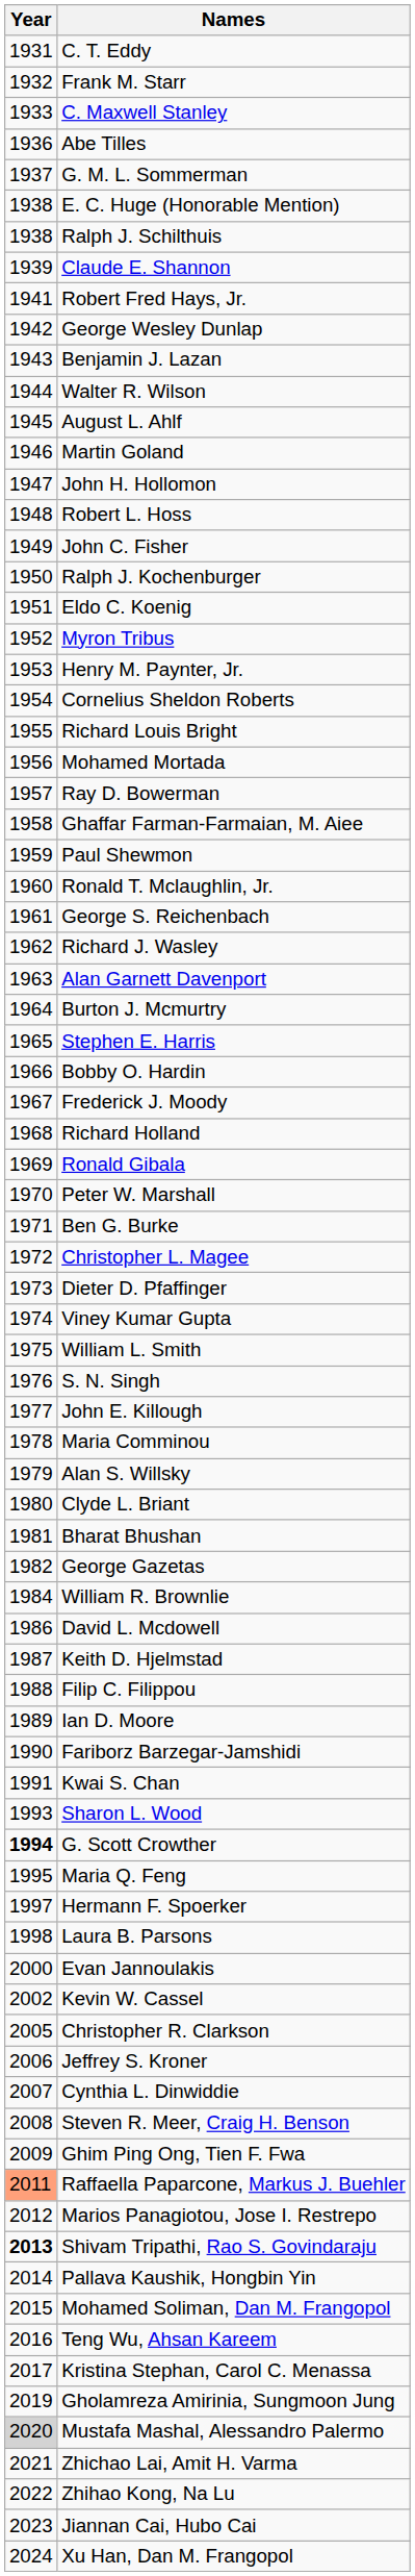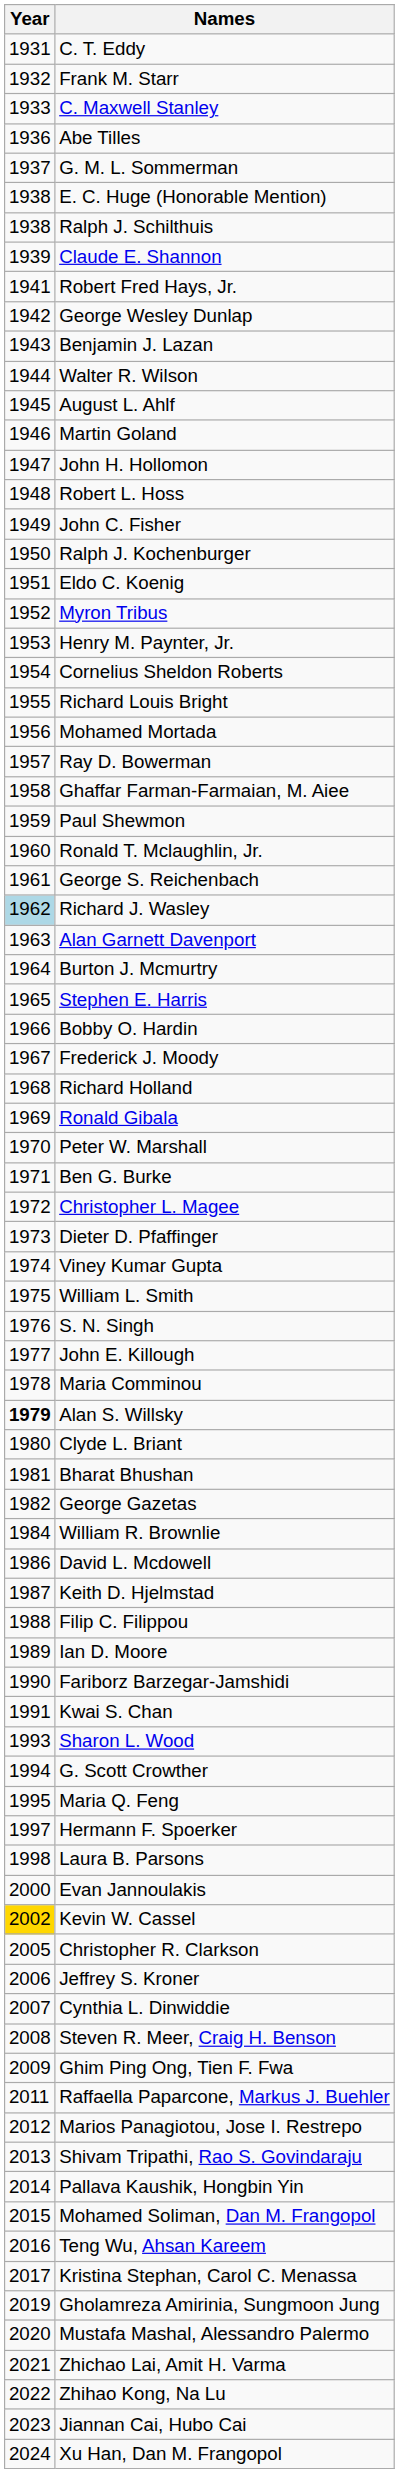 <table class=wikitable>
 <tr>
 <th>Year</th>
 <th>Names</th>
 </tr>
 <tr>
 <td>1931</td>
 <td>C. T. Eddy</td>
 </tr>
 <tr>
 <td>1932</td>
 <td>Frank M. Starr</td>
 </tr>
 <tr>
 <td>1933</td>
 <td><a href='#'>C. Maxwell Stanley</a></td>
 </tr>
 <tr>
 <td>1936</td>
 <td>Abe Tilles</td>
 </tr>
 <tr>
 <td>1937</td>
 <td>G. M. L. Sommerman</td>
 </tr>
 <tr>
 <td>1938</td>
 <td>E. C. Huge (Honorable Mention)</td>
 </tr>
 <tr>
 <td>1938</td>
 <td>Ralph J. Schilthuis</td>
 </tr>
 <tr>
 <td>1939</td>
 <td><a href='#'>Claude E. Shannon</a></td>
 </tr>
 <tr>
 <td>1941</td>
 <td>Robert Fred Hays, Jr.</td>
 </tr>
 <tr>
 <td>1942</td>
 <td>George Wesley Dunlap</td>
 </tr>
 <tr>
 <td>1943</td>
 <td>Benjamin J. Lazan</td>
 </tr>
 <tr>
 <td>1944</td>
 <td>Walter R. Wilson</td>
 </tr>
 <tr>
 <td>1945</td>
 <td>August L. Ahlf</td>
 </tr>
 <tr>
 <td>1946</td>
 <td>Martin Goland</td>
 </tr>
 <tr>
 <td>1947</td>
 <td>John H. Hollomon</td>
 </tr>
 <tr>
 <td>1948</td>
 <td>Robert L. Hoss</td>
 </tr>
 <tr>
 <td>1949</td>
 <td>John C. Fisher</td>
 </tr>
 <tr>
 <td>1950</td>
 <td>Ralph J. Kochenburger</td>
 </tr>
 <tr>
 <td>1951</td>
 <td>Eldo C. Koenig</td>
 </tr>
 <tr>
 <td>1952</td>
 <td><a href='#'>Myron Tribus</a></td>
 </tr>
 <tr>
 <td>1953</td>
 <td>Henry M. Paynter, Jr.</td>
 </tr>
 <tr>
 <td>1954</td>
 <td>Cornelius Sheldon Roberts</td>
 </tr>
 <tr>
 <td>1955</td>
 <td>Richard Louis Bright</td>
 </tr>
 <tr>
 <td>1956</td>
 <td>Mohamed Mortada</td>
 </tr>
 <tr>
 <td>1957</td>
 <td>Ray D. Bowerman</td>
 </tr>
 <tr>
 <td>1958</td>
 <td>Ghaffar Farman-Farmaian, M. Aiee</td>
 </tr>
 <tr>
 <td>1959</td>
 <td>Paul Shewmon</td>
 </tr>
 <tr>
 <td>1960</td>
 <td>Ronald T. Mclaughlin, Jr.</td>
 </tr>
 <tr>
 <td>1961</td>
 <td>George S. Reichenbach</td>
 </tr>
 <tr>
-<td>1962</td>
+<td style="background: lightblue;">1962</td>
 <td>Richard J. Wasley</td>
 </tr>
 <tr>
 <td>1963</td>
 <td><a href='#'>Alan Garnett Davenport</a></td>
 </tr>
 <tr>
 <td>1964</td>
 <td>Burton J. Mcmurtry</td>
 </tr>
 <tr>
 <td>1965</td>
 <td><a href='#'>Stephen E. Harris</a></td>
 </tr>
 <tr>
 <td>1966</td>
 <td>Bobby O. Hardin</td>
 </tr>
 <tr>
 <td>1967</td>
 <td>Frederick J. Moody</td>
 </tr>
 <tr>
 <td>1968</td>
 <td>Richard Holland</td>
 </tr>
 <tr>
 <td>1969</td>
 <td><a href='#'>Ronald Gibala</a></td>
 </tr>
 <tr>
 <td>1970</td>
 <td>Peter W. Marshall</td>
 </tr>
 <tr>
 <td>1971</td>
 <td>Ben G. Burke</td>
 </tr>
 <tr>
 <td>1972</td>
 <td><a href='#'>Christopher L. Magee</a></td>
 </tr>
 <tr>
 <td>1973</td>
 <td>Dieter D. Pfaffinger</td>
 </tr>
 <tr>
 <td>1974</td>
 <td>Viney Kumar Gupta</td>
 </tr>
 <tr>
 <td>1975</td>
 <td>William L. Smith</td>
 </tr>
 <tr>
 <td>1976</td>
 <td>S. N. Singh</td>
 </tr>
 <tr>
 <td>1977</td>
 <td>John E. Killough</td>
 </tr>
 <tr>
 <td>1978</td>
 <td>Maria Comminou</td>
 </tr>
 <tr>
-<td>1979</td>
+<td><strong>1979</strong></td>
 <td>Alan S. Willsky</td>
 </tr>
 <tr>
 <td>1980</td>
 <td>Clyde L. Briant</td>
 </tr>
 <tr>
 <td>1981</td>
 <td>Bharat Bhushan</td>
 </tr>
 <tr>
 <td>1982</td>
 <td>George Gazetas</td>
 </tr>
 <tr>
 <td>1984</td>
 <td>William R. Brownlie</td>
 </tr>
 <tr>
 <td>1986</td>
 <td>David L. Mcdowell</td>
 </tr>
 <tr>
 <td>1987</td>
 <td>Keith D. Hjelmstad</td>
 </tr>
 <tr>
 <td>1988</td>
 <td>Filip C. Filippou</td>
 </tr>
 <tr>
 <td>1989</td>
 <td>Ian D. Moore</td>
 </tr>
 <tr>
 <td>1990</td>
 <td>Fariborz Barzegar-Jamshidi</td>
 </tr>
 <tr>
 <td>1991</td>
 <td>Kwai S. Chan</td>
 </tr>
 <tr>
 <td>1993</td>
 <td><a href='#'>Sharon L. Wood</a></td>
 </tr>
 <tr>
-<td><strong>1994</strong></td>
+<td>1994</td>
 <td>G. Scott Crowther</td>
 </tr>
 <tr>
 <td>1995</td>
 <td>Maria Q. Feng</td>
 </tr>
 <tr>
 <td>1997</td>
 <td>Hermann F. Spoerker</td>
 </tr>
 <tr>
 <td>1998</td>
 <td>Laura B. Parsons</td>
 </tr>
 <tr>
 <td>2000</td>
 <td>Evan Jannoulakis</td>
 </tr>
 <tr>
-<td>2002</td>
+<td style="background: gold;">2002</td>
 <td>Kevin W. Cassel</td>
 </tr>
 <tr>
 <td>2005</td>
 <td>Christopher R. Clarkson</td>
 </tr>
 <tr>
 <td>2006</td>
 <td>Jeffrey S. Kroner</td>
 </tr>
 <tr>
 <td>2007</td>
 <td>Cynthia L. Dinwiddie</td>
 </tr>
 <tr>
 <td>2008</td>
 <td>Steven R. Meer, <a href='#'>Craig H. Benson</a></td>
 </tr>
 <tr>
 <td>2009</td>
 <td>Ghim Ping Ong, Tien F. Fwa</td>
 </tr>
 <tr>
-<td style="background: lightsalmon;">2011</td>
+<td>2011</td>
 <td>Raffaella Paparcone, <a href='#'>Markus J. Buehler</a></td>
 </tr>
 <tr>
 <td>2012</td>
 <td>Marios Panagiotou, Jose I. Restrepo</td>
 </tr>
 <tr>
-<td><strong>2013</strong></td>
+<td>2013</td>
 <td>Shivam Tripathi, <a href='#'>Rao S. Govindaraju</a></td>
 </tr>
 <tr>
 <td>2014</td>
 <td>Pallava Kaushik, Hongbin Yin</td>
 </tr>
 <tr>
 <td>2015</td>
 <td>Mohamed Soliman, <a href='#'>Dan M. Frangopol</a></td>
 </tr>
 <tr>
 <td>2016</td>
 <td>Teng Wu, <a href='#'>Ahsan Kareem</a></td>
 </tr>
 <tr>
 <td>2017</td>
 <td>Kristina Stephan, Carol C. Menassa</td>
 </tr>
 <tr>
 <td>2019</td>
 <td>Gholamreza Amirinia, Sungmoon Jung</td>
 </tr>
 <tr>
-<td style="background: lightgrey;">2020</td>
+<td>2020</td>
 <td>Mustafa Mashal, Alessandro Palermo</td>
 </tr>
 <tr>
 <td>2021</td>
 <td>Zhichao Lai, Amit H. Varma</td>
 </tr>
 <tr>
 <td>2022</td>
 <td>Zhihao Kong, Na Lu</td>
 </tr>
 <tr>
 <td>2023</td>
 <td>Jiannan Cai, Hubo Cai</td>
 </tr>
 <tr>
 <td>2024</td>
 <td>Xu Han, Dan M. Frangopol</td>
 </tr>
 </table>
